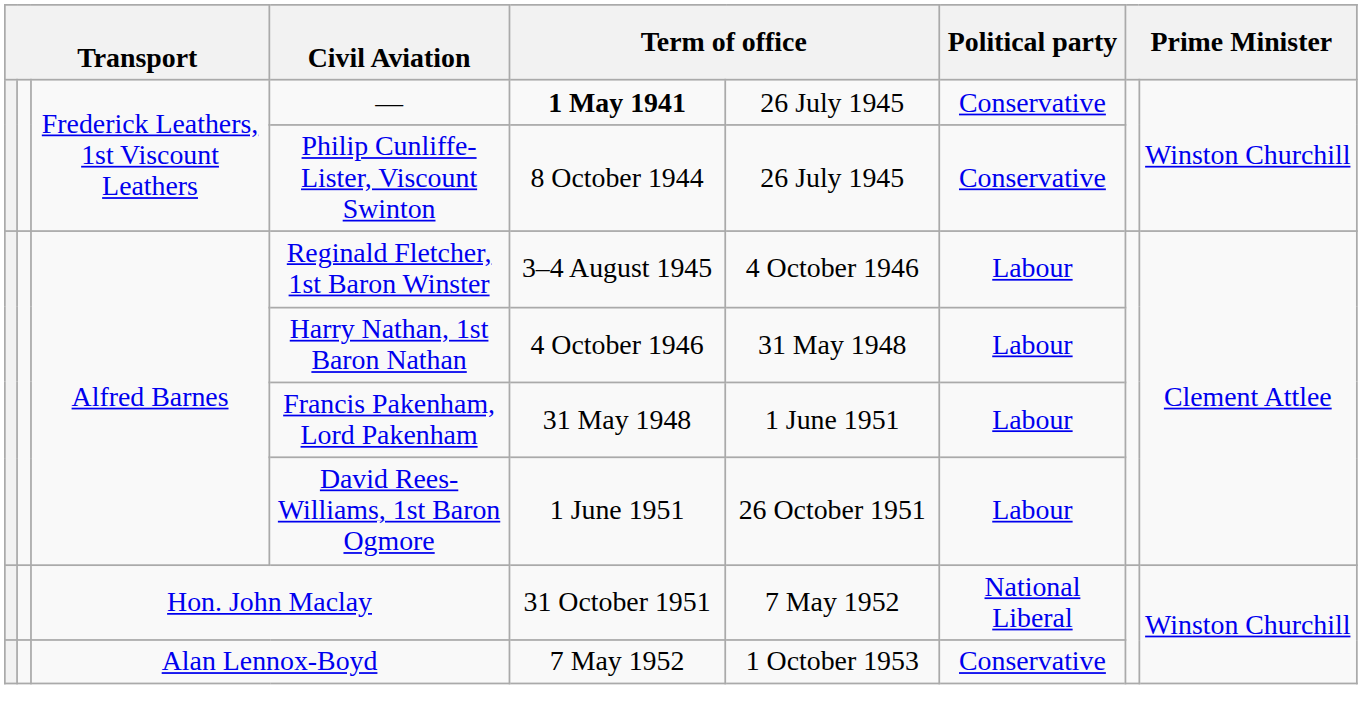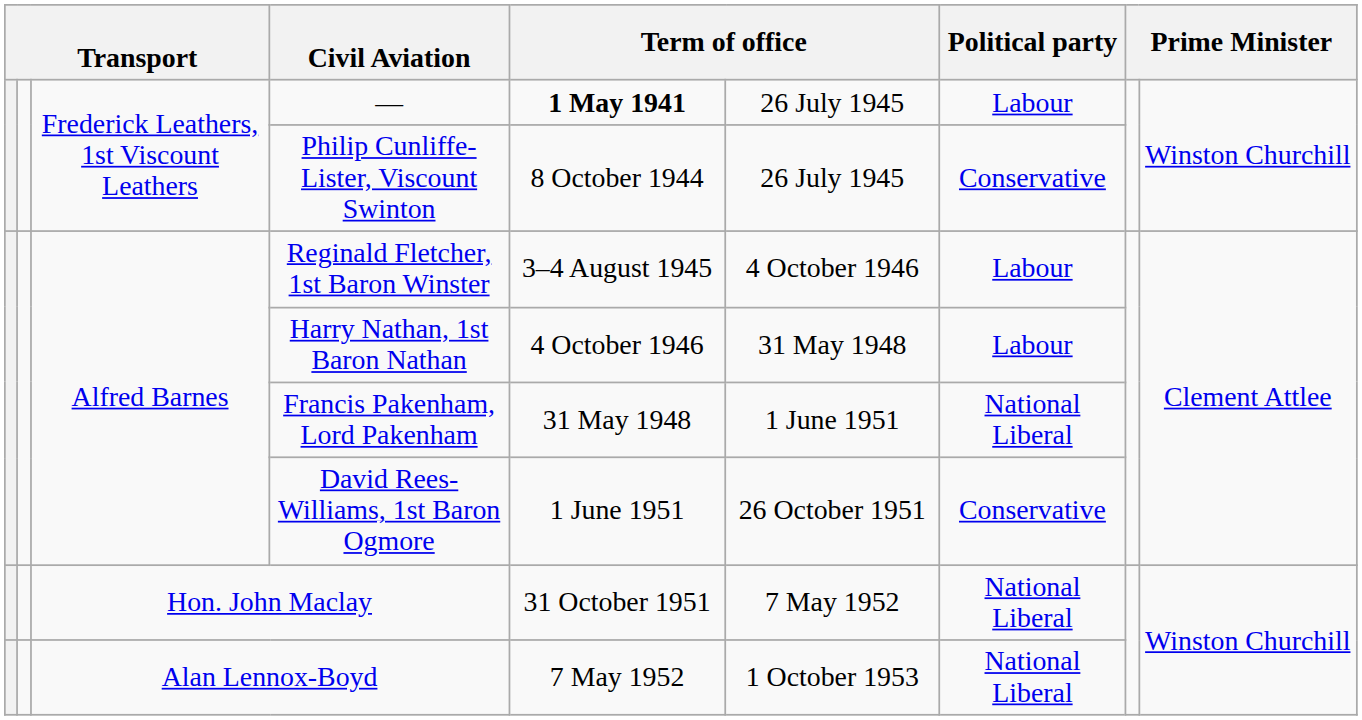 <table class="wikitable" style="text-align:center">
 <tr>
 <th colspan=3><br>Transport</th>
 <th><br>Civil Aviation</th>
 <th colspan=2 width=240>Term of office</th>
 <th>Political party</th>
 <th colspan=2>Prime Minister</th>
 </tr>
 <tr style="height:1em">
 <th rowspan=2 style="background-color:"></th>
 <td rowspan=2></td>
 <td rowspan=2 width=130><a href='#'>Frederick Leathers, 1st Viscount Leathers</a><br></td>
 <td>—</td>
 <td><strong>1 May 1941</strong></td>
 <td>26 July 1945</td>
-<td width=100><a href='#'>Conservative</a></td>
+<td><a href='#'>Labour</a></td>
 <td rowspan=2 style="background-color:"></td>
 <td rowspan=2><a href='#'>Winston Churchill</a><br></td>
 </tr>
 <tr>
 <td width=130><a href='#'>Philip Cunliffe-Lister, Viscount Swinton</a></td>
 <td>8 October 1944</td>
 <td>26 July 1945</td>
 <td><a href='#'>Conservative</a></td>
 </tr>
 <tr style="height:1em">
 <th rowspan=4 style="background-color:"></th>
 <td rowspan=4></td>
 <td rowspan=4><a href='#'>Alfred Barnes</a></td>
 <td><a href='#'>Reginald Fletcher, 1st Baron Winster</a></td>
 <td>3–4 August 1945</td>
 <td>4 October 1946</td>
 <td><a href='#'>Labour</a></td>
 <td rowspan=4 style="background-color:"></td>
 <td rowspan=4><a href='#'>Clement Attlee</a></td>
 </tr>
 <tr>
 <td><a href='#'>Harry Nathan, 1st Baron Nathan</a></td>
 <td>4 October 1946</td>
 <td>31 May 1948</td>
 <td><a href='#'>Labour</a></td>
 </tr>
 <tr>
 <td><a href='#'>Francis Pakenham, Lord Pakenham</a></td>
 <td>31 May 1948</td>
 <td>1 June 1951</td>
-<td><a href='#'>Labour</a></td>
+<td><a href='#'>National Liberal</a></td>
 </tr>
 <tr>
 <td><a href='#'>David Rees-Williams, 1st Baron Ogmore</a></td>
 <td>1 June 1951</td>
 <td>26 October 1951</td>
-<td><a href='#'>Labour</a></td>
+<td width=100><a href='#'>Conservative</a></td>
 </tr>
 <tr style="height:1em">
 <th style="background-color:"></th>
 <td></td>
 <td colspan=2><a href='#'>Hon. John Maclay</a></td>
 <td>31 October 1951</td>
 <td>7 May 1952</td>
 <td><a href='#'>National Liberal</a></td>
 <td rowspan=2 style="background-color:"></td>
 <td rowspan=2><a href='#'>Winston Churchill</a></td>
 </tr>
 <tr style="height:1em">
 <th style="background-color:"></th>
 <td></td>
 <td colspan=2><a href='#'>Alan Lennox-Boyd</a></td>
 <td>7 May 1952</td>
 <td>1 October 1953</td>
-<td><a href='#'>Conservative</a></td>
+<td><a href='#'>National Liberal</a></td>
 </tr>
 </table>
